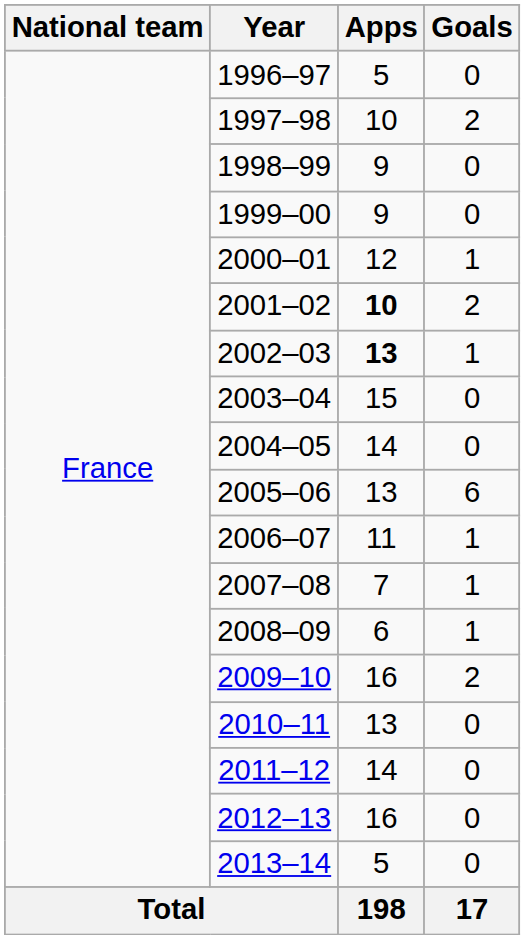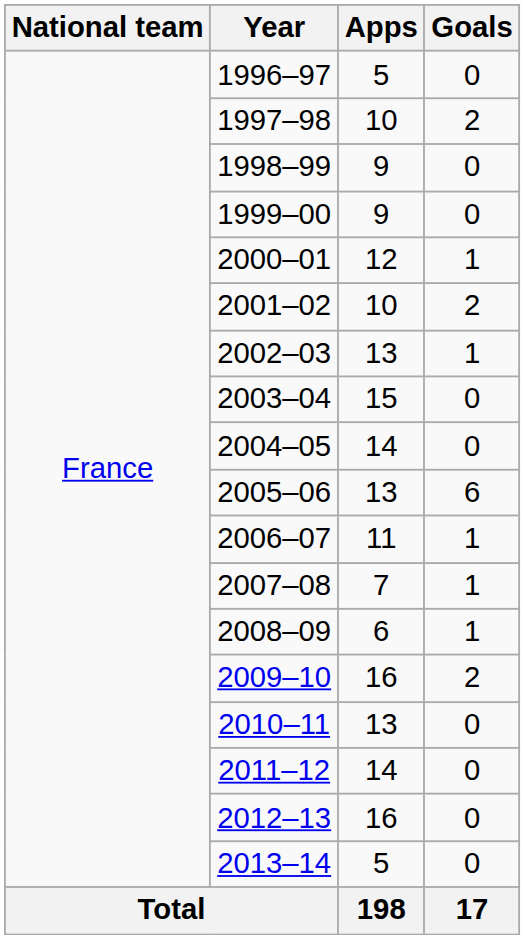 <table class="wikitable" style="text-align: center;">
 <tr>
 <th>National team</th>
 <th>Year</th>
 <th>Apps</th>
 <th>Goals</th>
 </tr>
 <tr>
 <td rowspan="18"><a href='#'>France</a></td>
 <td>1996–97</td>
 <td>5</td>
 <td>0</td>
 </tr>
 <tr>
 <td>1997–98</td>
 <td>10</td>
 <td>2</td>
 </tr>
 <tr>
 <td>1998–99</td>
 <td>9</td>
 <td>0</td>
 </tr>
 <tr>
 <td>1999–00</td>
 <td>9</td>
 <td>0</td>
 </tr>
 <tr>
 <td>2000–01</td>
 <td>12</td>
 <td>1</td>
 </tr>
 <tr>
 <td>2001–02</td>
-<td><strong>10</strong></td>
+<td>10</td>
 <td>2</td>
 </tr>
 <tr>
 <td>2002–03</td>
-<td><strong>13</strong></td>
+<td>13</td>
 <td>1</td>
 </tr>
 <tr>
 <td>2003–04</td>
 <td>15</td>
 <td>0</td>
 </tr>
 <tr>
 <td>2004–05</td>
 <td>14</td>
 <td>0</td>
 </tr>
 <tr>
 <td>2005–06</td>
 <td>13</td>
 <td>6</td>
 </tr>
 <tr>
 <td>2006–07</td>
 <td>11</td>
 <td>1</td>
 </tr>
 <tr>
 <td>2007–08</td>
 <td>7</td>
 <td>1</td>
 </tr>
 <tr>
 <td>2008–09</td>
 <td>6</td>
 <td>1</td>
 </tr>
 <tr>
 <td><a href='#'>2009–10</a></td>
 <td>16</td>
 <td>2</td>
 </tr>
 <tr>
 <td><a href='#'>2010–11</a></td>
 <td>13</td>
 <td>0</td>
 </tr>
 <tr>
 <td><a href='#'>2011–12</a></td>
 <td>14</td>
 <td>0</td>
 </tr>
 <tr>
 <td><a href='#'>2012–13</a></td>
 <td>16</td>
 <td>0</td>
 </tr>
 <tr>
 <td><a href='#'>2013–14</a></td>
 <td>5</td>
 <td>0</td>
 </tr>
 <tr>
 <th colspan="2">Total</th>
 <th>198</th>
 <th>17</th>
 </tr>
 </table>
